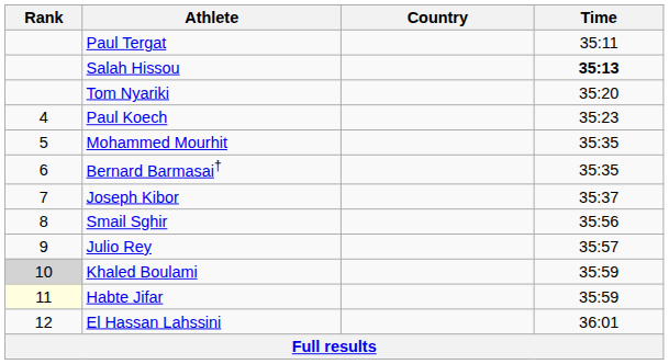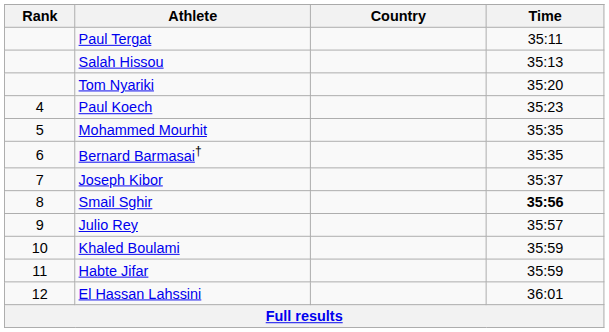 <table class="wikitable sortable" style=" text-align:center; font-size:95%;" width="50%">
 <tr>
 </tr>
 <tr>
 <th width=5%>Rank</th>
 <th width=20%>Athlete</th>
 <th width=15%>Country</th>
 <th width=10%>Time</th>
 </tr>
 <tr>
 <td align=center></td>
 <td align=left><a href='#'>Paul Tergat</a></td>
 <td align=left></td>
 <td>35:11</td>
 </tr>
 <tr>
 <td align=center></td>
 <td align=left><a href='#'>Salah Hissou</a></td>
 <td align=left></td>
-<td><strong>35:13</strong></td>
+<td>35:13</td>
 </tr>
 <tr>
 <td align=center></td>
 <td align=left><a href='#'>Tom Nyariki</a></td>
 <td align=left></td>
 <td>35:20</td>
 </tr>
 <tr>
 <td align=center>4</td>
 <td align=left><a href='#'>Paul Koech</a></td>
 <td align=left></td>
 <td>35:23</td>
 </tr>
 <tr>
 <td align=center>5</td>
 <td align=left><a href='#'>Mohammed Mourhit</a></td>
 <td align=left></td>
 <td>35:35</td>
 </tr>
 <tr>
 <td align=center>6</td>
 <td align=left><a href='#'>Bernard Barmasai</a><sup>†</sup></td>
 <td align=left></td>
 <td>35:35</td>
 </tr>
 <tr>
 <td align=center>7</td>
 <td align=left><a href='#'>Joseph Kibor</a></td>
 <td align=left></td>
 <td>35:37</td>
 </tr>
 <tr>
 <td align=center>8</td>
 <td align=left><a href='#'>Smail Sghir</a></td>
 <td align=left></td>
-<td>35:56</td>
+<td><strong>35:56</strong></td>
 </tr>
 <tr>
 <td align=center>9</td>
 <td align=left><a href='#'>Julio Rey</a></td>
 <td align=left></td>
 <td>35:57</td>
 </tr>
 <tr>
-<td align=center style="background: lightgrey;">10</td>
+<td align=center>10</td>
 <td align=left><a href='#'>Khaled Boulami</a></td>
 <td align=left></td>
 <td>35:59</td>
 </tr>
 <tr>
-<td align=center style="background: lightyellow;">11</td>
+<td align=center>11</td>
 <td align=left><a href='#'>Habte Jifar</a></td>
 <td align=left></td>
 <td>35:59</td>
 </tr>
 <tr>
 <td align=center>12</td>
 <td align=left><a href='#'>El Hassan Lahssini</a></td>
 <td align=left></td>
 <td>36:01</td>
 </tr>
 <tr class="sortbottom">
 <th colspan=4 align=center><a href='#'>Full results</a></th>
 </tr>
 </table>
